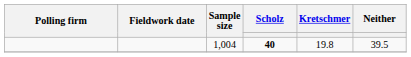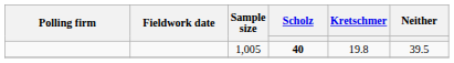 <table class="wikitable sortable mw-datatable" style="text-align:center;font-size:90%;line-height:14px;">
 <tr style="height:40px;">
 <th style="width:155px;" rowspan="2">Polling firm</th>
 <th style="width:120px;" rowspan="2">Fieldwork date</th>
 <th style="width: 35px;" rowspan="2">Sample<br>size</th>
 <th class="unsortable" style="width:70px;"><a href='#'>Scholz</a><br></th>
 <th class="unsortable" style="width:70px;"><a href='#'>Kretschmer</a><br></th>
 <th class="unsortable" style="width:70px;">Neither</th>
 </tr>
 <tr>
 <th style="background:"></th>
 <th style="background:"></th>
 <th style="background:"></th>
 </tr>
 <tr>
 <td></td>
 <td></td>
-<td>1,004</td>
+<td>1,005</td>
 <td><strong>40</strong></td>
 <td>19.8</td>
 <td>39.5</td>
 </tr>
 <tr>
 </tr>
 </table>
